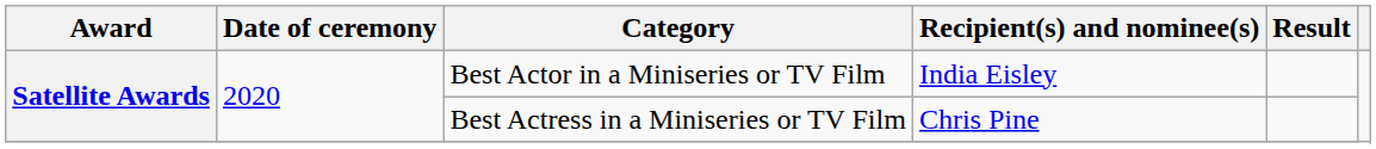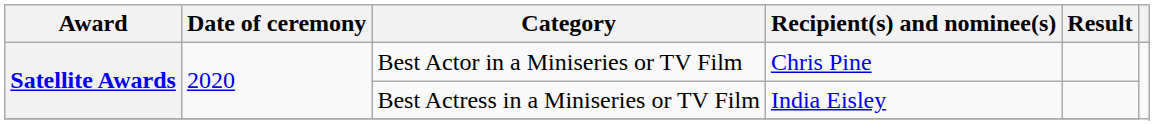 <table class="wikitable plainrowheaders sortable">
 <tr>
 <th scope="col">Award</th>
 <th scope="col">Date of ceremony</th>
 <th scope="col">Category</th>
 <th scope="col">Recipient(s) and nominee(s)</th>
 <th scope="col">Result</th>
 <th scope="col" class="unsortable"></th>
 </tr>
 <tr>
 <th scope="row" rowspan="2"><a href='#'>Satellite Awards</a></th>
 <td rowspan="2"><a href='#'>2020</a></td>
 <td>Best Actor in a Miniseries or TV Film</td>
-<td><a href='#'>India Eisley</a></td>
+<td><a href='#'>Chris Pine</a></td>
 <td></td>
 <td rowspan="3" style="text-align:center;"></td>
 </tr>
 <tr>
 <td>Best Actress in a Miniseries or TV Film</td>
-<td><a href='#'>Chris Pine</a></td>
+<td><a href='#'>India Eisley</a></td>
 <td></td>
 </tr>
 <tr>
 </tr>
 </table>
